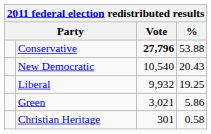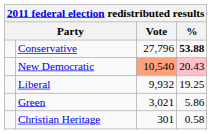 <table class="wikitable">
 <tr>
 <th colspan="4"><a href='#'>2011 federal election</a> redistributed results</th>
 </tr>
 <tr>
 <th bgcolor="#DDDDFF" width="130px" colspan="2">Party</th>
 <th bgcolor="#DDDDFF" width="50px">Vote</th>
 <th bgcolor="#DDDDFF" width="30px">%</th>
 </tr>
 <tr>
 <td> </td>
 <td><a href='#'>Conservative</a></td>
-<td align=right><strong>27,796</strong></td>
-<td align=right>53.88</td>
+<td align=right>27,796</td>
+<td align=right><strong>53.88</strong></td>
 </tr>
 <tr>
 <td> </td>
 <td><a href='#'>New Democratic</a></td>
-<td align=right>10,540</td>
-<td align=right>20.43</td>
+<td align=right style="background: lightsalmon;">10,540</td>
+<td align=right style="background: pink;">20.43</td>
 </tr>
 <tr>
 <td> </td>
 <td><a href='#'>Liberal</a></td>
 <td align=right>9,932</td>
 <td align=right>19.25</td>
 </tr>
 <tr>
 <td> </td>
 <td><a href='#'>Green</a></td>
 <td align=right>3,021</td>
 <td align=right>5.86</td>
 </tr>
 <tr>
 <td> </td>
 <td><a href='#'>Christian Heritage</a></td>
 <td align=right>301</td>
 <td align=right>0.58</td>
 </tr>
 </table>
